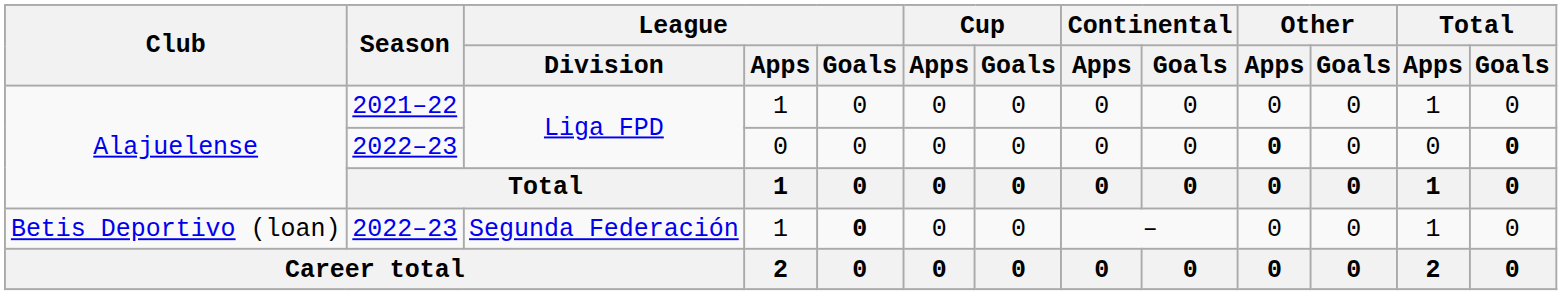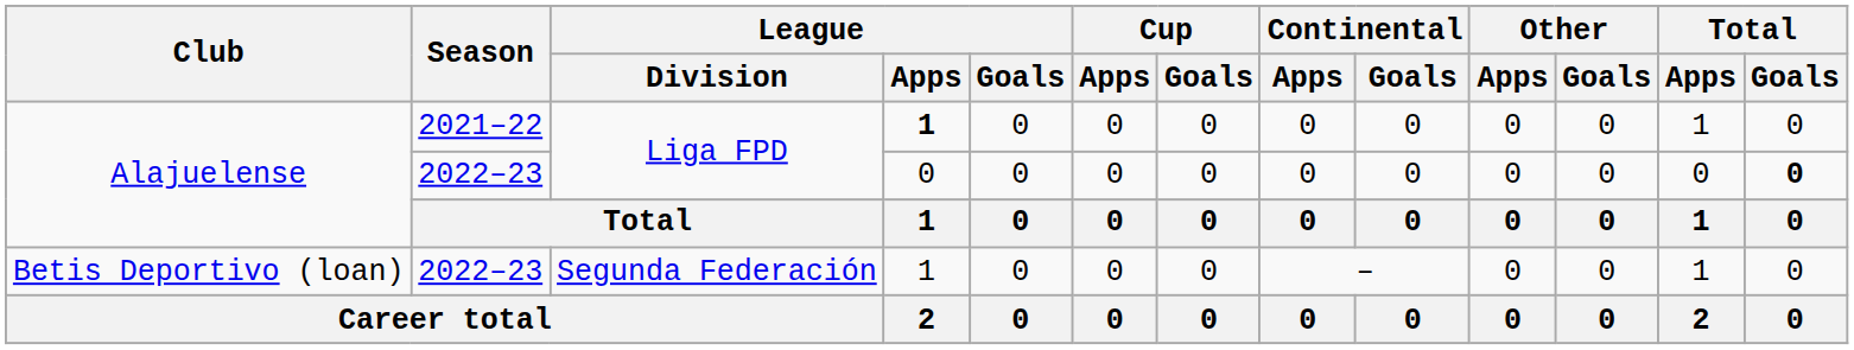 <table class=wikitable style=text-align:center>
 <tr>
 <th rowspan="2">Club</th>
 <th rowspan="2">Season</th>
 <th colspan="3">League</th>
 <th colspan="2">Cup</th>
 <th colspan="2">Continental</th>
 <th colspan="2">Other</th>
 <th colspan="2">Total</th>
 </tr>
 <tr>
 <th>Division</th>
 <th>Apps</th>
 <th>Goals</th>
 <th>Apps</th>
 <th>Goals</th>
 <th>Apps</th>
 <th>Goals</th>
 <th>Apps</th>
 <th>Goals</th>
 <th>Apps</th>
 <th>Goals</th>
 </tr>
 <tr>
 <td rowspan="3"><a href='#'>Alajuelense</a></td>
 <td><a href='#'>2021–22</a></td>
 <td rowspan="2"><a href='#'>Liga FPD</a></td>
-<td>1</td>
+<td><strong>1</strong></td>
 <td>0</td>
 <td>0</td>
 <td>0</td>
 <td>0</td>
 <td>0</td>
 <td>0</td>
 <td>0</td>
 <td>1</td>
 <td>0</td>
 </tr>
 <tr>
 <td><a href='#'>2022–23</a></td>
 <td>0</td>
 <td>0</td>
 <td>0</td>
 <td>0</td>
 <td>0</td>
 <td>0</td>
-<td><strong>0</strong></td>
+<td>0</td>
 <td>0</td>
 <td>0</td>
 <td><strong>0</strong></td>
 </tr>
 <tr>
 <th colspan="2"><strong>Total</strong></th>
 <th>1</th>
 <th>0</th>
 <th>0</th>
 <th>0</th>
 <th>0</th>
 <th>0</th>
 <th>0</th>
 <th>0</th>
 <th>1</th>
 <th>0</th>
 </tr>
 <tr>
 <td><a href='#'>Betis Deportivo</a> (loan)</td>
 <td><a href='#'>2022–23</a></td>
 <td><a href='#'>Segunda Federación</a></td>
 <td>1</td>
-<td><strong>0</strong></td>
+<td>0</td>
 <td>0</td>
 <td>0</td>
 <td colspan="2">–</td>
 <td>0</td>
 <td>0</td>
 <td>1</td>
 <td>0</td>
 </tr>
 <tr>
 <th colspan="3"><strong>Career total</strong></th>
 <th>2</th>
 <th>0</th>
 <th>0</th>
 <th>0</th>
 <th>0</th>
 <th>0</th>
 <th>0</th>
 <th>0</th>
 <th>2</th>
 <th>0</th>
 </tr>
 </table>
